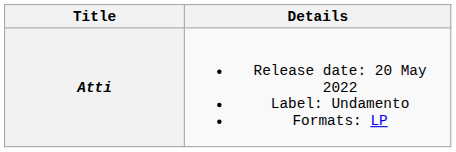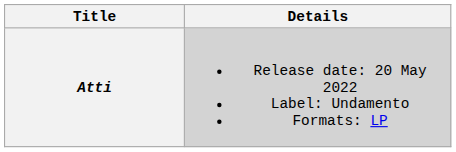 <table class="wikitable plainrowheaders" style="text-align:center;">
 <tr>
 <th style="width:12em;">Title</th>
 <th style="width:18em;">Details</th>
 </tr>
 <tr>
 <th scope="row"><em>Atti</em></th>
-<td><br><ul><li>Release date: 20 May 2022</li><li>Label: Undamento</li><li>Formats: <a href='#'>LP</a></li></ul></td>
+<td style="background: lightgrey;"><br><ul><li>Release date: 20 May 2022</li><li>Label: Undamento</li><li>Formats: <a href='#'>LP</a></li></ul></td>
 </tr>
 </table>
